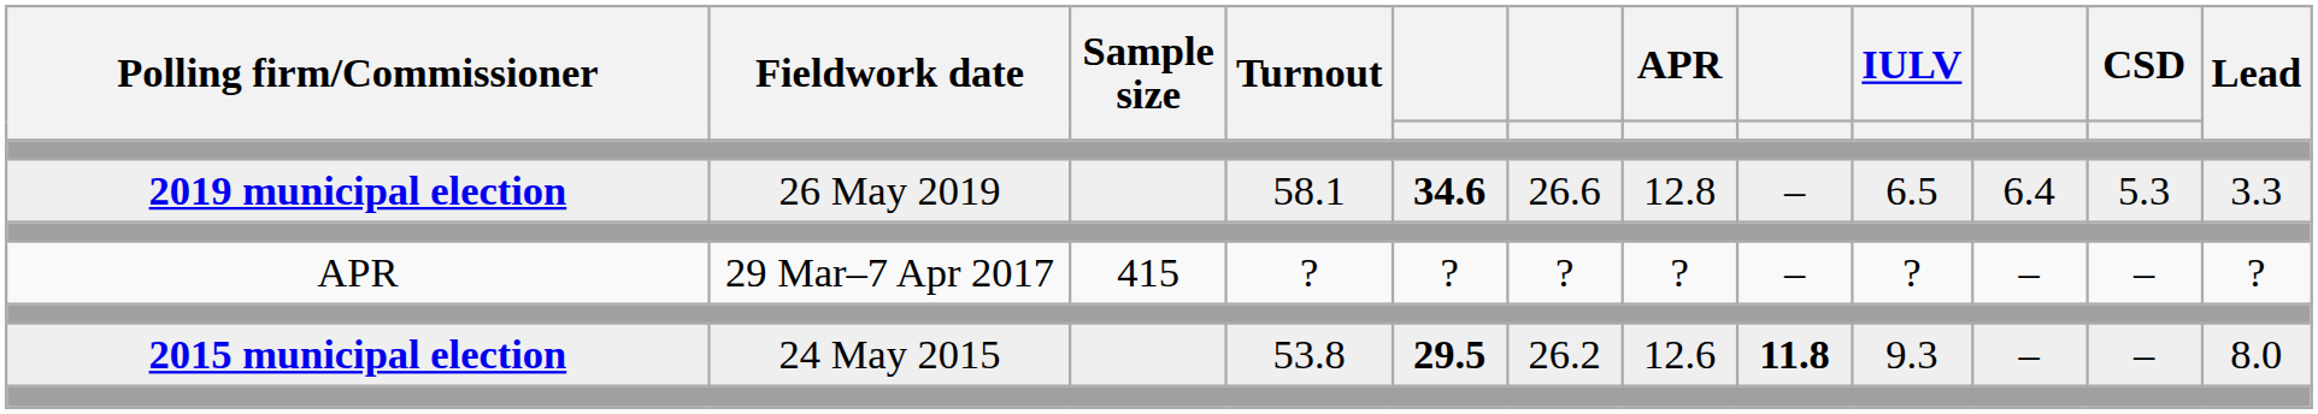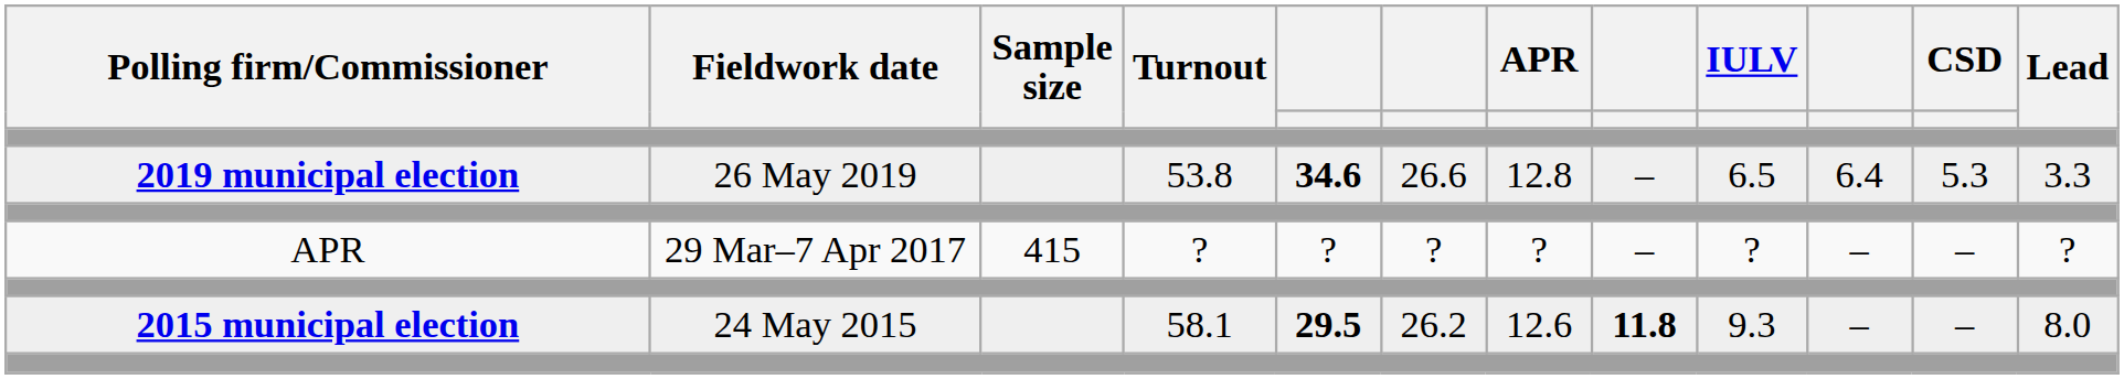 <table class="wikitable collapsible collapsed" style="text-align:center; font-size:95%; line-height:16px;">
 <tr style="height:42px;">
 <th style="width:250px;" rowspan="2">Polling firm/Commissioner</th>
 <th style="width:125px;" rowspan="2">Fieldwork date</th>
 <th style="width:50px;" rowspan="2">Sample size</th>
 <th style="width:45px;" rowspan="2">Turnout</th>
 <th style="width:35px;"></th>
 <th style="width:35px;"></th>
 <th style="width:35px;">APR</th>
 <th style="width:35px;"></th>
 <th style="width:35px;"><a href='#'>IULV</a></th>
 <th style="width:35px;"></th>
 <th style="width:35px;">CSD</th>
 <th style="width:30px;" rowspan="2">Lead</th>
 </tr>
 <tr>
 <th style="color:inherit;background:"></th>
 <th style="color:inherit;background:"></th>
 <th style="color:inherit;background:"></th>
 <th style="color:inherit;background:"></th>
 <th style="color:inherit;background:"></th>
 <th style="color:inherit;background:"></th>
 <th style="color:inherit;background:"></th>
 </tr>
 <tr>
 <td colspan="12" style="background:#A0A0A0"></td>
 </tr>
 <tr style="background:#EFEFEF;">
 <td><strong><a href='#'>2019 municipal election</a></strong></td>
 <td>26 May 2019</td>
 <td></td>
-<td>58.1</td>
+<td>53.8</td>
 <td><strong>34.6</strong><br></td>
 <td>26.6<br></td>
 <td>12.8<br></td>
 <td>–</td>
 <td>6.5<br></td>
 <td>6.4<br></td>
 <td>5.3<br></td>
 <td style="background:">3.3</td>
 </tr>
 <tr>
 <td colspan="12" style="background:#A0A0A0"></td>
 </tr>
 <tr>
 <td>APR</td>
 <td>29 Mar–7 Apr 2017</td>
 <td>415</td>
 <td>?</td>
 <td>?<br></td>
 <td>?<br></td>
 <td>?<br></td>
 <td>–</td>
 <td>?<br></td>
 <td>–</td>
 <td>–</td>
 <td style="background:">?</td>
 </tr>
 <tr>
 <td colspan="12" style="background:#A0A0A0"></td>
 </tr>
 <tr style="background:#EFEFEF;">
 <td><strong><a href='#'>2015 municipal election</a></strong></td>
 <td>24 May 2015</td>
 <td></td>
-<td>53.8</td>
+<td>58.1</td>
 <td><strong>29.5</strong><br></td>
 <td>26.2<br></td>
 <td>12.6<br></td>
 <td><strong>11.8<br></strong></td>
 <td>9.3<br></td>
 <td>–</td>
 <td>–</td>
 <td style="background:">8.0</td>
 </tr>
 <tr>
 <td colspan="12" style="background:#A0A0A0"></td>
 </tr>
 </table>
